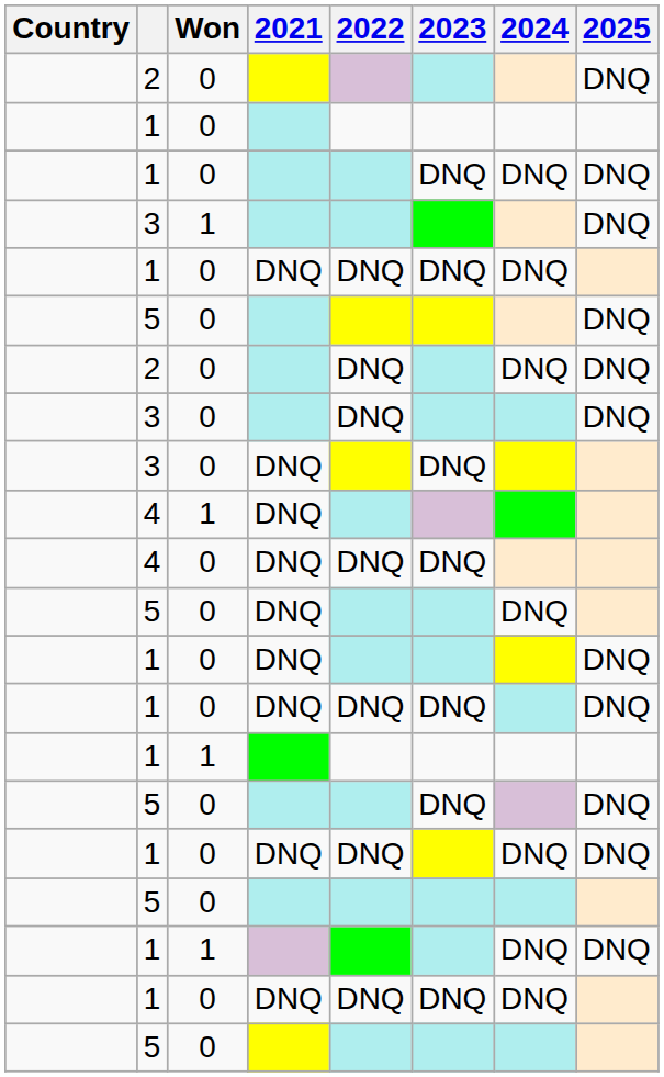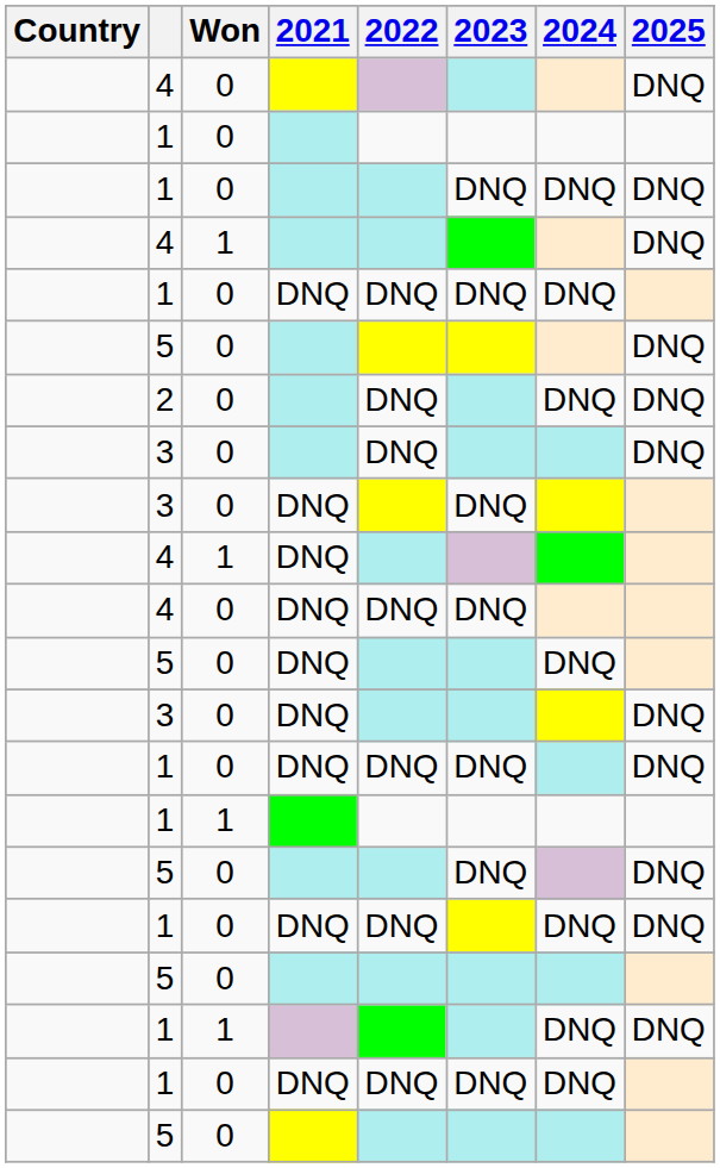 <table class="sortable wikitable nowrap" style=text-align:center;font-size:100%>
 <tr>
 <th>Country</th>
 <th></th>
 <th>Won</th>
 <th><a href='#'>2021</a></th>
 <th><a href='#'>2022</a></th>
 <th><a href='#'>2023</a></th>
 <th><a href='#'>2024</a></th>
 <th><a href='#'>2025</a></th>
 </tr>
 <tr>
 <td align=left></td>
-<td>2</td>
+<td>4</td>
 <td>0</td>
 <td bgcolor=yellow></td>
 <td bgcolor=thistle></td>
 <td bgcolor=afeeee></td>
 <td bgcolor=ffebcd></td>
 <td>DNQ</td>
 </tr>
 <tr>
 <td align=left></td>
 <td>1</td>
 <td>0</td>
 <td bgcolor=afeeee></td>
 <td></td>
 <td></td>
 <td></td>
 <td></td>
 </tr>
 <tr>
 <td align=left></td>
 <td>1</td>
 <td>0</td>
 <td bgcolor=afeeee></td>
 <td bgcolor=afeeee></td>
 <td>DNQ</td>
 <td>DNQ</td>
 <td>DNQ</td>
 </tr>
 <tr>
 <td align=left></td>
-<td>3</td>
+<td>4</td>
 <td>1</td>
 <td bgcolor=afeeee></td>
 <td bgcolor=afeeee></td>
 <td bgcolor=lime></td>
 <td bgcolor=ffebcd></td>
 <td>DNQ</td>
 </tr>
 <tr>
 <td align=left></td>
 <td>1</td>
 <td>0</td>
 <td>DNQ</td>
 <td>DNQ</td>
 <td>DNQ</td>
 <td>DNQ</td>
 <td bgcolor=ffebcd></td>
 </tr>
 <tr>
 <td align=left></td>
 <td>5</td>
 <td>0</td>
 <td bgcolor=afeeee></td>
 <td bgcolor=yellow></td>
 <td bgcolor=yellow></td>
 <td bgcolor=ffebcd></td>
 <td>DNQ</td>
 </tr>
 <tr>
 <td align=left></td>
 <td>2</td>
 <td>0</td>
 <td bgcolor=afeeee></td>
 <td>DNQ</td>
 <td bgcolor=afeeee></td>
 <td>DNQ</td>
 <td>DNQ</td>
 </tr>
 <tr>
 <td align=left></td>
 <td>3</td>
 <td>0</td>
 <td bgcolor=afeeee></td>
 <td>DNQ</td>
 <td bgcolor=afeeee></td>
 <td bgcolor=afeeee></td>
 <td>DNQ</td>
 </tr>
 <tr>
 <td align=left></td>
 <td>3</td>
 <td>0</td>
 <td>DNQ</td>
 <td bgcolor=yellow></td>
 <td>DNQ</td>
 <td bgcolor=yellow></td>
 <td bgcolor=ffebcd></td>
 </tr>
 <tr>
 <td align=left></td>
 <td>4</td>
 <td>1</td>
 <td>DNQ</td>
 <td bgcolor=afeeee></td>
 <td bgcolor=thistle></td>
 <td bgcolor=lime></td>
 <td bgcolor=ffebcd></td>
 </tr>
 <tr>
 <td align=left></td>
 <td>4</td>
 <td>0</td>
 <td>DNQ</td>
 <td>DNQ</td>
 <td>DNQ</td>
 <td bgcolor=ffebcd></td>
 <td bgcolor=ffebcd></td>
 </tr>
 <tr>
 <td align=left></td>
 <td>5</td>
 <td>0</td>
 <td>DNQ</td>
 <td bgcolor=afeeee></td>
 <td bgcolor=afeeee></td>
 <td>DNQ</td>
 <td bgcolor=ffebcd></td>
 </tr>
 <tr>
 <td align=left></td>
-<td>1</td>
+<td>3</td>
 <td>0</td>
 <td>DNQ</td>
 <td bgcolor=afeeee></td>
 <td bgcolor=afeeee></td>
 <td bgcolor=yellow></td>
 <td>DNQ</td>
 </tr>
 <tr>
 <td align=left></td>
 <td>1</td>
 <td>0</td>
 <td>DNQ</td>
 <td>DNQ</td>
 <td>DNQ</td>
 <td bgcolor=afeeee></td>
 <td>DNQ</td>
 </tr>
 <tr>
 <td align=left></td>
 <td>1</td>
 <td>1</td>
 <td bgcolor=lime></td>
 <td></td>
 <td></td>
 <td></td>
 <td></td>
 </tr>
 <tr>
 <td align=left></td>
 <td>5</td>
 <td>0</td>
 <td bgcolor=afeeee></td>
 <td bgcolor=afeeee></td>
 <td>DNQ</td>
 <td bgcolor=thistle></td>
 <td>DNQ</td>
 </tr>
 <tr>
 <td align=left></td>
 <td>1</td>
 <td>0</td>
 <td>DNQ</td>
 <td>DNQ</td>
 <td bgcolor=yellow></td>
 <td>DNQ</td>
 <td>DNQ</td>
 </tr>
 <tr>
 <td align=left></td>
 <td>5</td>
 <td>0</td>
 <td bgcolor=afeeee></td>
 <td bgcolor=afeeee></td>
 <td bgcolor=afeeee></td>
 <td bgcolor=afeeee></td>
 <td bgcolor=ffebcd></td>
 </tr>
 <tr>
 <td align=left></td>
 <td>1</td>
 <td>1</td>
 <td bgcolor=thistle></td>
 <td bgcolor=lime></td>
 <td bgcolor=afeeee></td>
 <td>DNQ</td>
 <td>DNQ</td>
 </tr>
 <tr>
 <td align=left></td>
 <td>1</td>
 <td>0</td>
 <td>DNQ</td>
 <td>DNQ</td>
 <td>DNQ</td>
 <td>DNQ</td>
 <td bgcolor=ffebcd></td>
 </tr>
 <tr>
 <td align=left></td>
 <td>5</td>
 <td>0</td>
 <td bgcolor=yellow></td>
 <td bgcolor=afeeee></td>
 <td bgcolor=afeeee></td>
 <td bgcolor=afeeee></td>
 <td bgcolor=ffebcd></td>
 </tr>
 </table>
